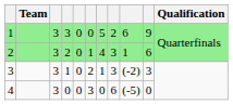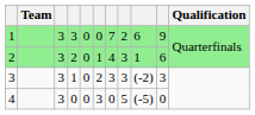 <table class="wikitable">
 <tr>
 <th></th>
 <th>Team</th>
 <th></th>
 <th></th>
 <th></th>
 <th></th>
 <th></th>
 <th></th>
 <th></th>
 <th></th>
 <th>Qualification</th>
 </tr>
 <tr bgcolor=lightgreen>
 <td>1</td>
 <td></td>
 <td>3</td>
 <td>3</td>
 <td>0</td>
 <td>0</td>
-<td>5</td>
+<td>7</td>
 <td>2</td>
 <td>6</td>
 <td>9</td>
 <td rowspan=2>Quarterfinals</td>
 </tr>
 <tr bgcolor=lightgreen>
 <td>2</td>
 <td></td>
 <td>3</td>
 <td>2</td>
 <td>0</td>
 <td>1</td>
 <td>4</td>
 <td>3</td>
 <td>1</td>
 <td>6</td>
 </tr>
 <tr>
 <td>3</td>
 <td></td>
 <td>3</td>
 <td>1</td>
 <td>0</td>
 <td>2</td>
-<td>1</td>
+<td>3</td>
 <td>3</td>
 <td>(-2)</td>
 <td>3</td>
 <td rowspan=2></td>
 </tr>
 <tr>
 <td>4</td>
 <td></td>
 <td>3</td>
 <td>0</td>
 <td>0</td>
 <td>3</td>
 <td>0</td>
-<td>6</td>
+<td>5</td>
 <td>(-5)</td>
 <td>0</td>
 </tr>
 </table>
